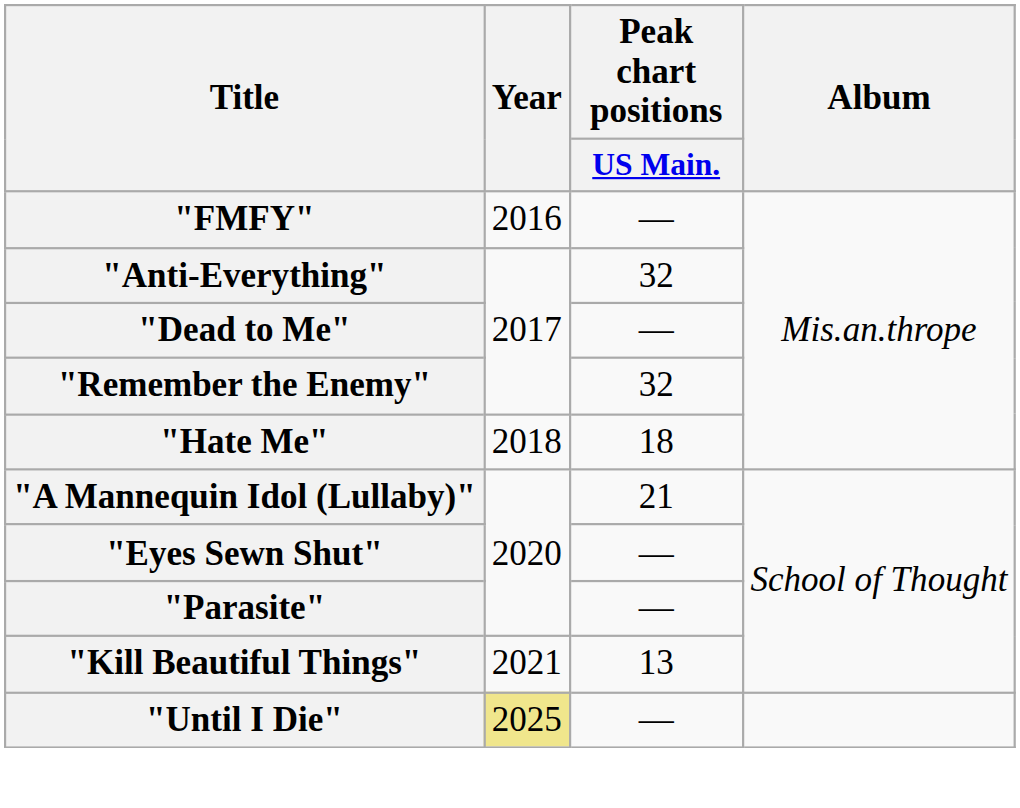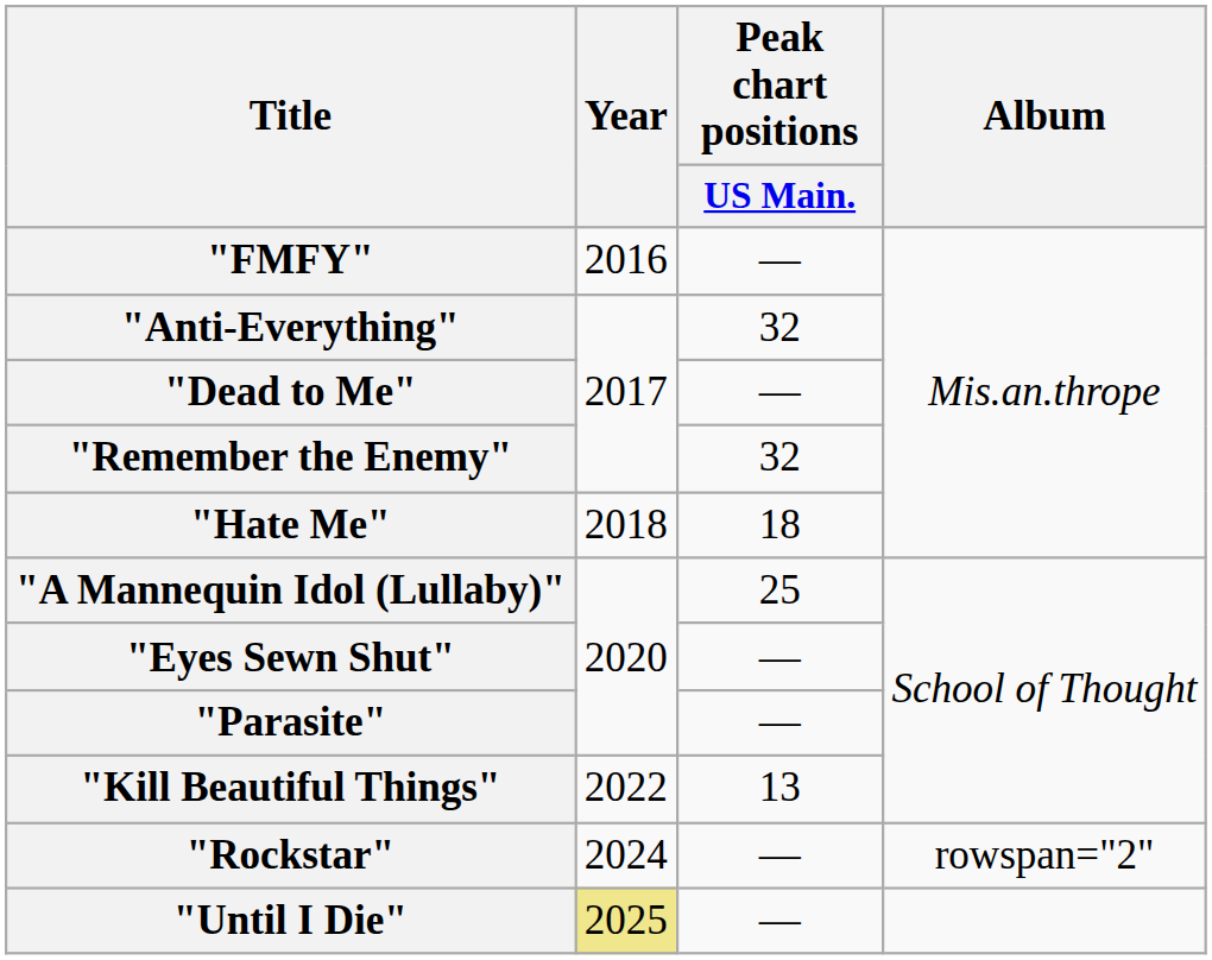 <table class="wikitable plainrowheaders" style="text-align:center;">
 <tr>
 <th rowspan="2" scope="col">Title</th>
 <th rowspan="2" scope="col">Year</th>
 <th scope="col">Peak chart positions</th>
 <th rowspan="2" scope="col">Album</th>
 </tr>
 <tr>
 <th style="width:5em; font-size:90%;"><a href='#'>US Main.</a><br></th>
 </tr>
 <tr>
 <th scope="row">"FMFY"</th>
 <td>2016</td>
 <td>—</td>
 <td rowspan="5"><em>Mis.an.thrope</em></td>
 </tr>
 <tr>
 <th scope="row">"Anti-Everything"</th>
 <td rowspan="3">2017</td>
 <td>32</td>
 </tr>
 <tr>
 <th scope="row">"Dead to Me"</th>
 <td>—</td>
 </tr>
 <tr>
 <th scope="row">"Remember the Enemy"</th>
 <td>32</td>
 </tr>
 <tr>
 <th scope="row">"Hate Me"</th>
 <td>2018</td>
 <td>18</td>
 </tr>
 <tr>
 <th scope="row">"A Mannequin Idol (Lullaby)"</th>
 <td rowspan="3">2020</td>
-<td>21</td>
+<td>25</td>
 <td rowspan="4"><em>School of Thought</em></td>
 </tr>
 <tr>
 <th scope="row">"Eyes Sewn Shut"</th>
 <td>—</td>
 </tr>
 <tr>
 <th scope="row">"Parasite"</th>
 <td>—</td>
 </tr>
 <tr>
 <th scope="row">"Kill Beautiful Things"</th>
-<td>2021</td>
+<td>2022</td>
 <td>13</td>
+</tr>
+<tr>
+<th scope="row">"Rockstar"</th>
+<td>2024</td>
+<td>—</td>
+<td>rowspan="2" </td>
 </tr>
 <tr>
 <th scope="row">"Until I Die" </th>
 <td style="background: khaki;">2025</td>
 <td>—</td>
 </tr>
 </table>
